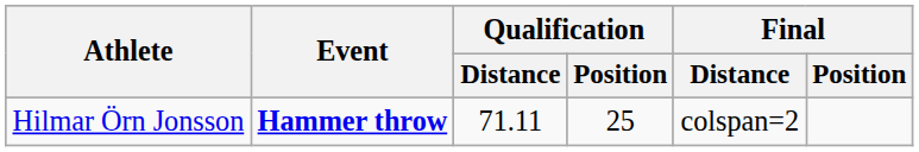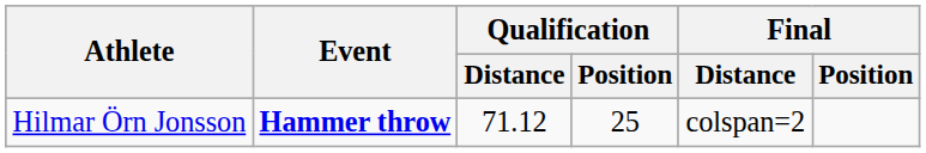 <table class=wikitable style="font-size:90%">
 <tr>
 <th rowspan="2">Athlete</th>
 <th rowspan="2">Event</th>
 <th colspan="2">Qualification</th>
 <th colspan="2">Final</th>
 </tr>
 <tr style="font-size:95%">
 <th>Distance</th>
 <th>Position</th>
 <th>Distance</th>
 <th>Position</th>
 </tr>
 <tr style=text-align:center>
 <td style=text-align:left><a href='#'>Hilmar Örn Jonsson</a></td>
 <td style=text-align:left><strong><a href='#'>Hammer throw</a></strong></td>
-<td>71.11</td>
+<td>71.12</td>
 <td>25</td>
 <td>colspan=2 </td>
 </tr>
 </table>
